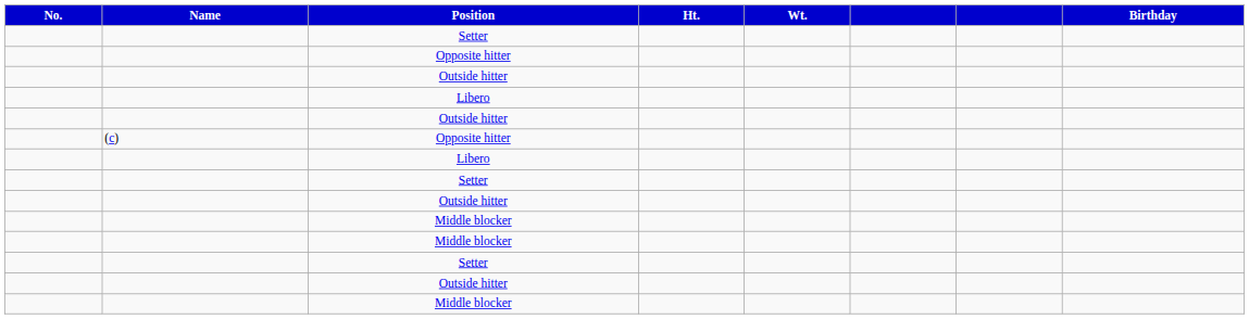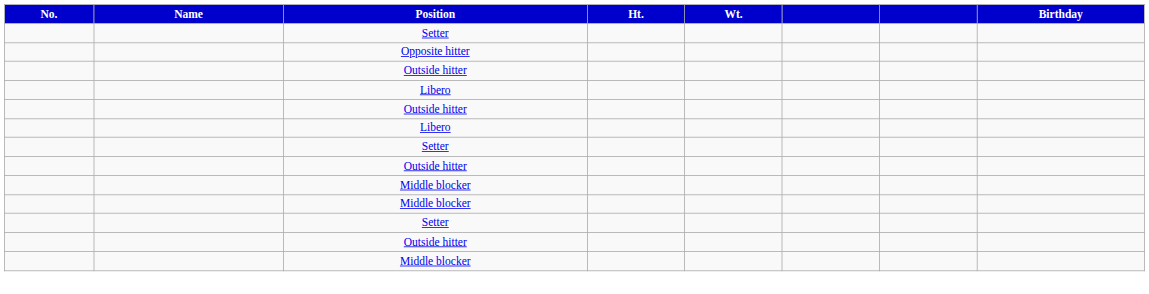 <table class="wikitable sortable" style="font-size:90%; text-align:center; width:90%;">
 <tr>
 <th style="background:#0000CD; color:white; text-align: center"><strong>No.</strong></th>
 <th style="width:16em; background:#0000CD; color:white;">Name</th>
 <th style="background:#0000CD; color:white; text-align: center"><strong>Position</strong></th>
 <th style="width:8em; background:#0000CD; color:white;">Ht.</th>
 <th style="width:8em; background:#0000CD; color:white;">Wt.</th>
 <th style="width:8em; background:#0000CD; color:white;"></th>
 <th style="width:8em; background:#0000CD; color:white;"></th>
 <th style="width:14em; background:#0000CD; color:white;">Birthday</th>
 </tr>
 <tr>
 <td></td>
 <td align=left> </td>
 <td><a href='#'>Setter</a></td>
 <td></td>
 <td></td>
 <td></td>
 <td></td>
 <td align=right></td>
 </tr>
 <tr>
 <td></td>
 <td align=left> </td>
 <td><a href='#'>Opposite hitter</a></td>
 <td></td>
 <td></td>
 <td></td>
 <td></td>
 <td align=right></td>
 </tr>
 <tr>
 <td></td>
 <td align=left> </td>
 <td><a href='#'>Outside hitter</a></td>
 <td></td>
 <td></td>
 <td></td>
 <td></td>
 <td align=right></td>
 </tr>
 <tr>
 <td></td>
 <td align=left> </td>
 <td><a href='#'>Libero</a></td>
 <td></td>
 <td></td>
 <td></td>
 <td></td>
 <td align=right></td>
 </tr>
 <tr>
 <td></td>
 <td align=left> </td>
 <td><a href='#'>Outside hitter</a></td>
-<td></td>
-<td></td>
-<td></td>
-<td></td>
-<td align=right></td>
-</tr>
-<tr>
-<td></td>
-<td align=left>  (<a href='#'>c</a>)</td>
-<td><a href='#'>Opposite hitter</a></td>
 <td></td>
 <td></td>
 <td></td>
 <td></td>
 <td align=right></td>
 </tr>
 <tr>
 <td></td>
 <td align=left> </td>
 <td><a href='#'>Libero</a></td>
 <td></td>
 <td></td>
 <td></td>
 <td></td>
 <td align=right></td>
 </tr>
 <tr>
 <td></td>
 <td align=left> </td>
 <td><a href='#'>Setter</a></td>
 <td></td>
 <td></td>
 <td></td>
 <td></td>
 <td align=right></td>
 </tr>
 <tr>
 <td></td>
 <td align=left> </td>
 <td><a href='#'>Outside hitter</a></td>
 <td></td>
 <td></td>
 <td></td>
 <td></td>
 <td align=right></td>
 </tr>
 <tr>
 <td></td>
 <td align=left> </td>
 <td><a href='#'>Middle blocker</a></td>
 <td></td>
 <td></td>
 <td></td>
 <td></td>
 <td align=right></td>
 </tr>
 <tr>
 <td></td>
 <td align=left> </td>
 <td><a href='#'>Middle blocker</a></td>
 <td></td>
 <td></td>
 <td></td>
 <td></td>
 <td align=right></td>
 </tr>
 <tr>
 <td></td>
 <td align=left> </td>
 <td><a href='#'>Setter</a></td>
 <td></td>
 <td></td>
 <td></td>
 <td></td>
 <td align=right></td>
 </tr>
 <tr>
 <td></td>
 <td align=left> </td>
 <td><a href='#'>Outside hitter</a></td>
 <td></td>
 <td></td>
 <td></td>
 <td></td>
 <td align=right></td>
 </tr>
 <tr>
 <td></td>
 <td align=left> </td>
 <td><a href='#'>Middle blocker</a></td>
 <td></td>
 <td></td>
 <td></td>
 <td></td>
 <td align=right></td>
 </tr>
 </table>
